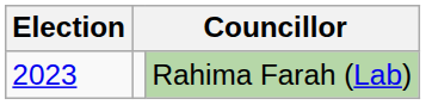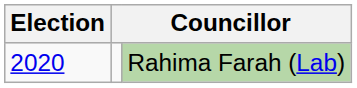 <table class="wikitable">
 <tr>
 <th>Election</th>
 <th colspan="2">Councillor</th>
 </tr>
 <tr>
-<td><a href='#'>2023</a></td>
+<td><a href='#'>2020</a></td>
 <td style="background-color: "></td>
 <td bgcolor="#B6D7A8">Rahima Farah (<a href='#'>Lab</a>)</td>
 </tr>
 </table>
